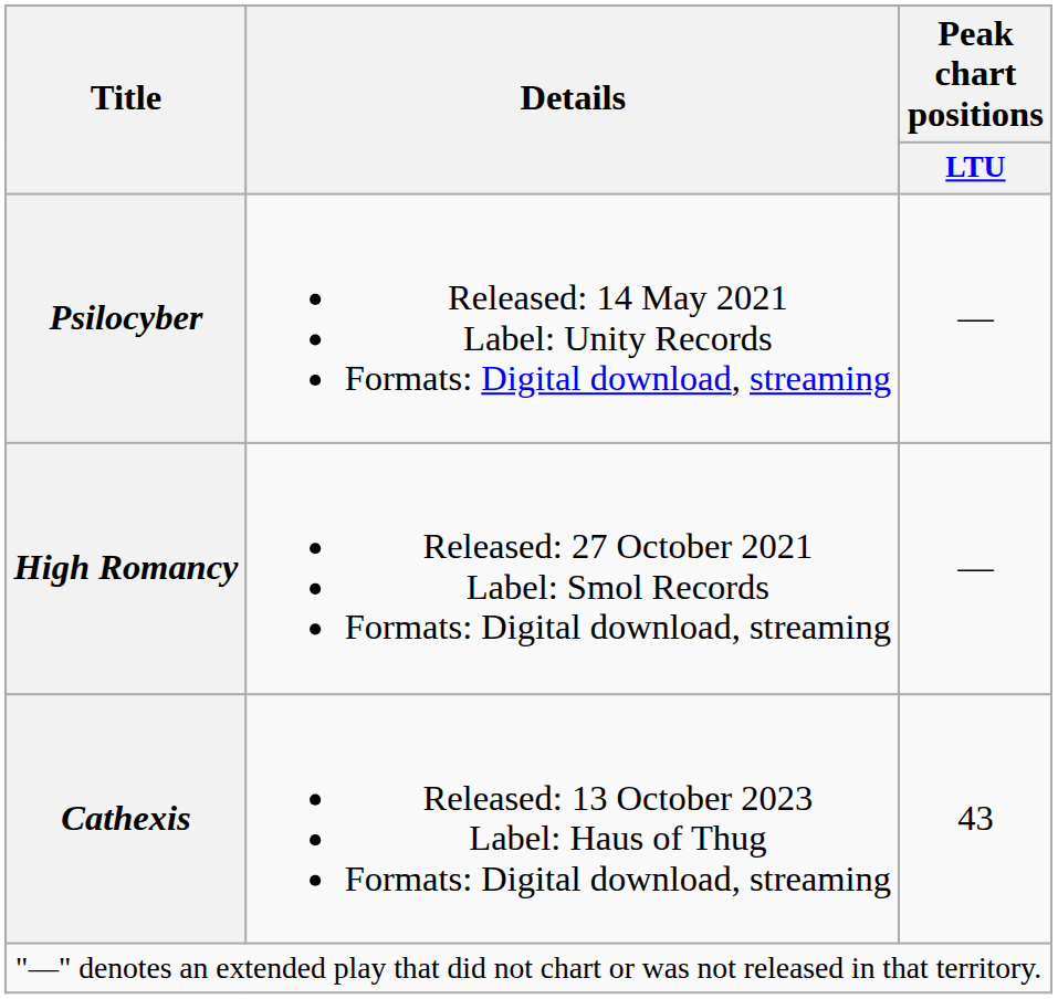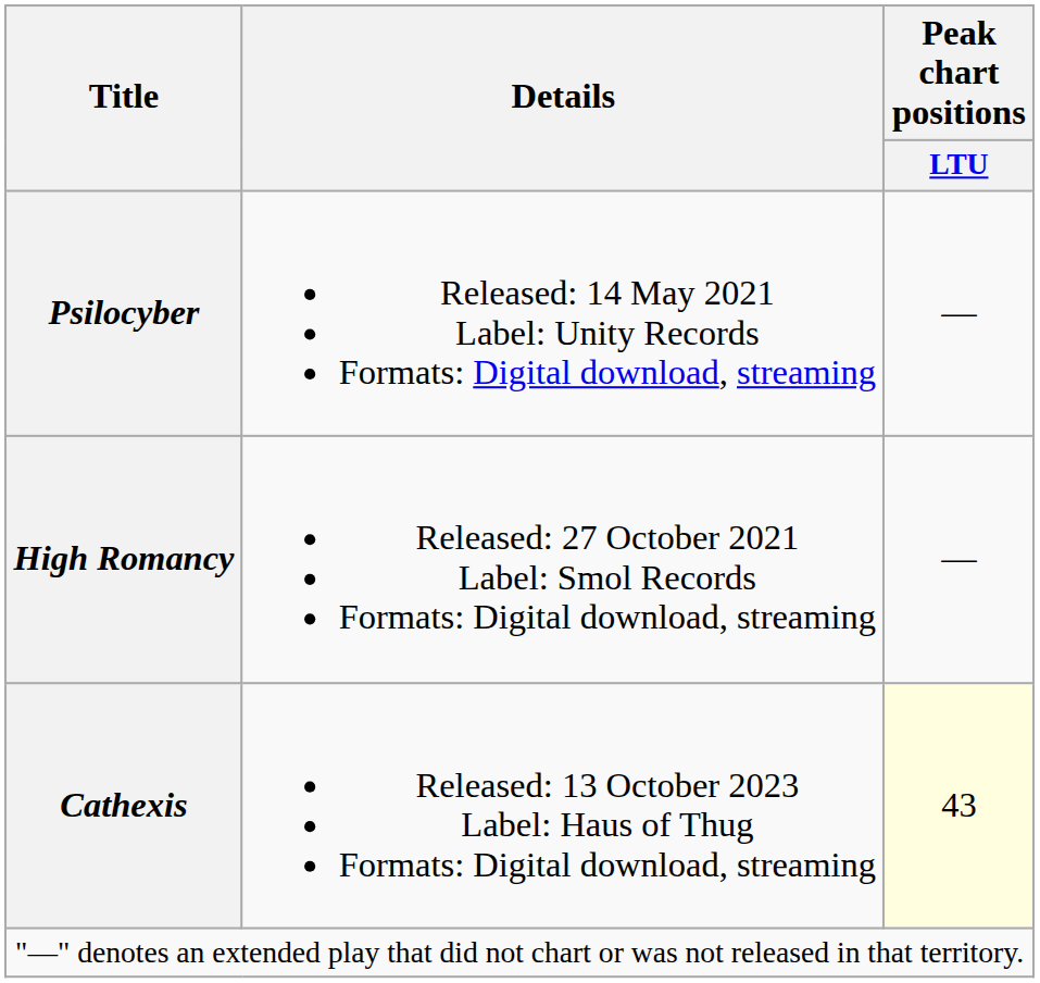 <table class="wikitable plainrowheaders" style="text-align:center;" border="1">
 <tr>
 <th scope="col" rowspan="2">Title</th>
 <th scope="col" rowspan="2">Details</th>
 <th scope="col" colspan="1">Peak chart positions</th>
 </tr>
 <tr>
 <th scope="col" style="width:3em;font-size:85%;"><a href='#'>LTU</a><br></th>
 </tr>
 <tr>
 <th scope="row"><em>Psilocyber</em></th>
 <td><br><ul><li>Released: 14 May 2021</li><li>Label: Unity Records</li><li>Formats: <a href='#'>Digital download</a>, <a href='#'>streaming</a></li></ul></td>
 <td>—</td>
 </tr>
 <tr>
 <th scope="row"><em>High Romancy</em></th>
 <td><br><ul><li>Released: 27 October 2021</li><li>Label: Smol Records</li><li>Formats: Digital download, streaming</li></ul></td>
 <td>—</td>
 </tr>
 <tr>
 <th scope="row"><em>Cathexis</em></th>
 <td><br><ul><li>Released: 13 October 2023</li><li>Label: Haus of Thug</li><li>Formats: Digital download, streaming</li></ul></td>
-<td>43</td>
+<td style="background: lightyellow;">43</td>
 </tr>
 <tr>
 <td colspan="4" style="font-size:85%">"—" denotes an extended play that did not chart or was not released in that territory.</td>
 </tr>
 </table>
